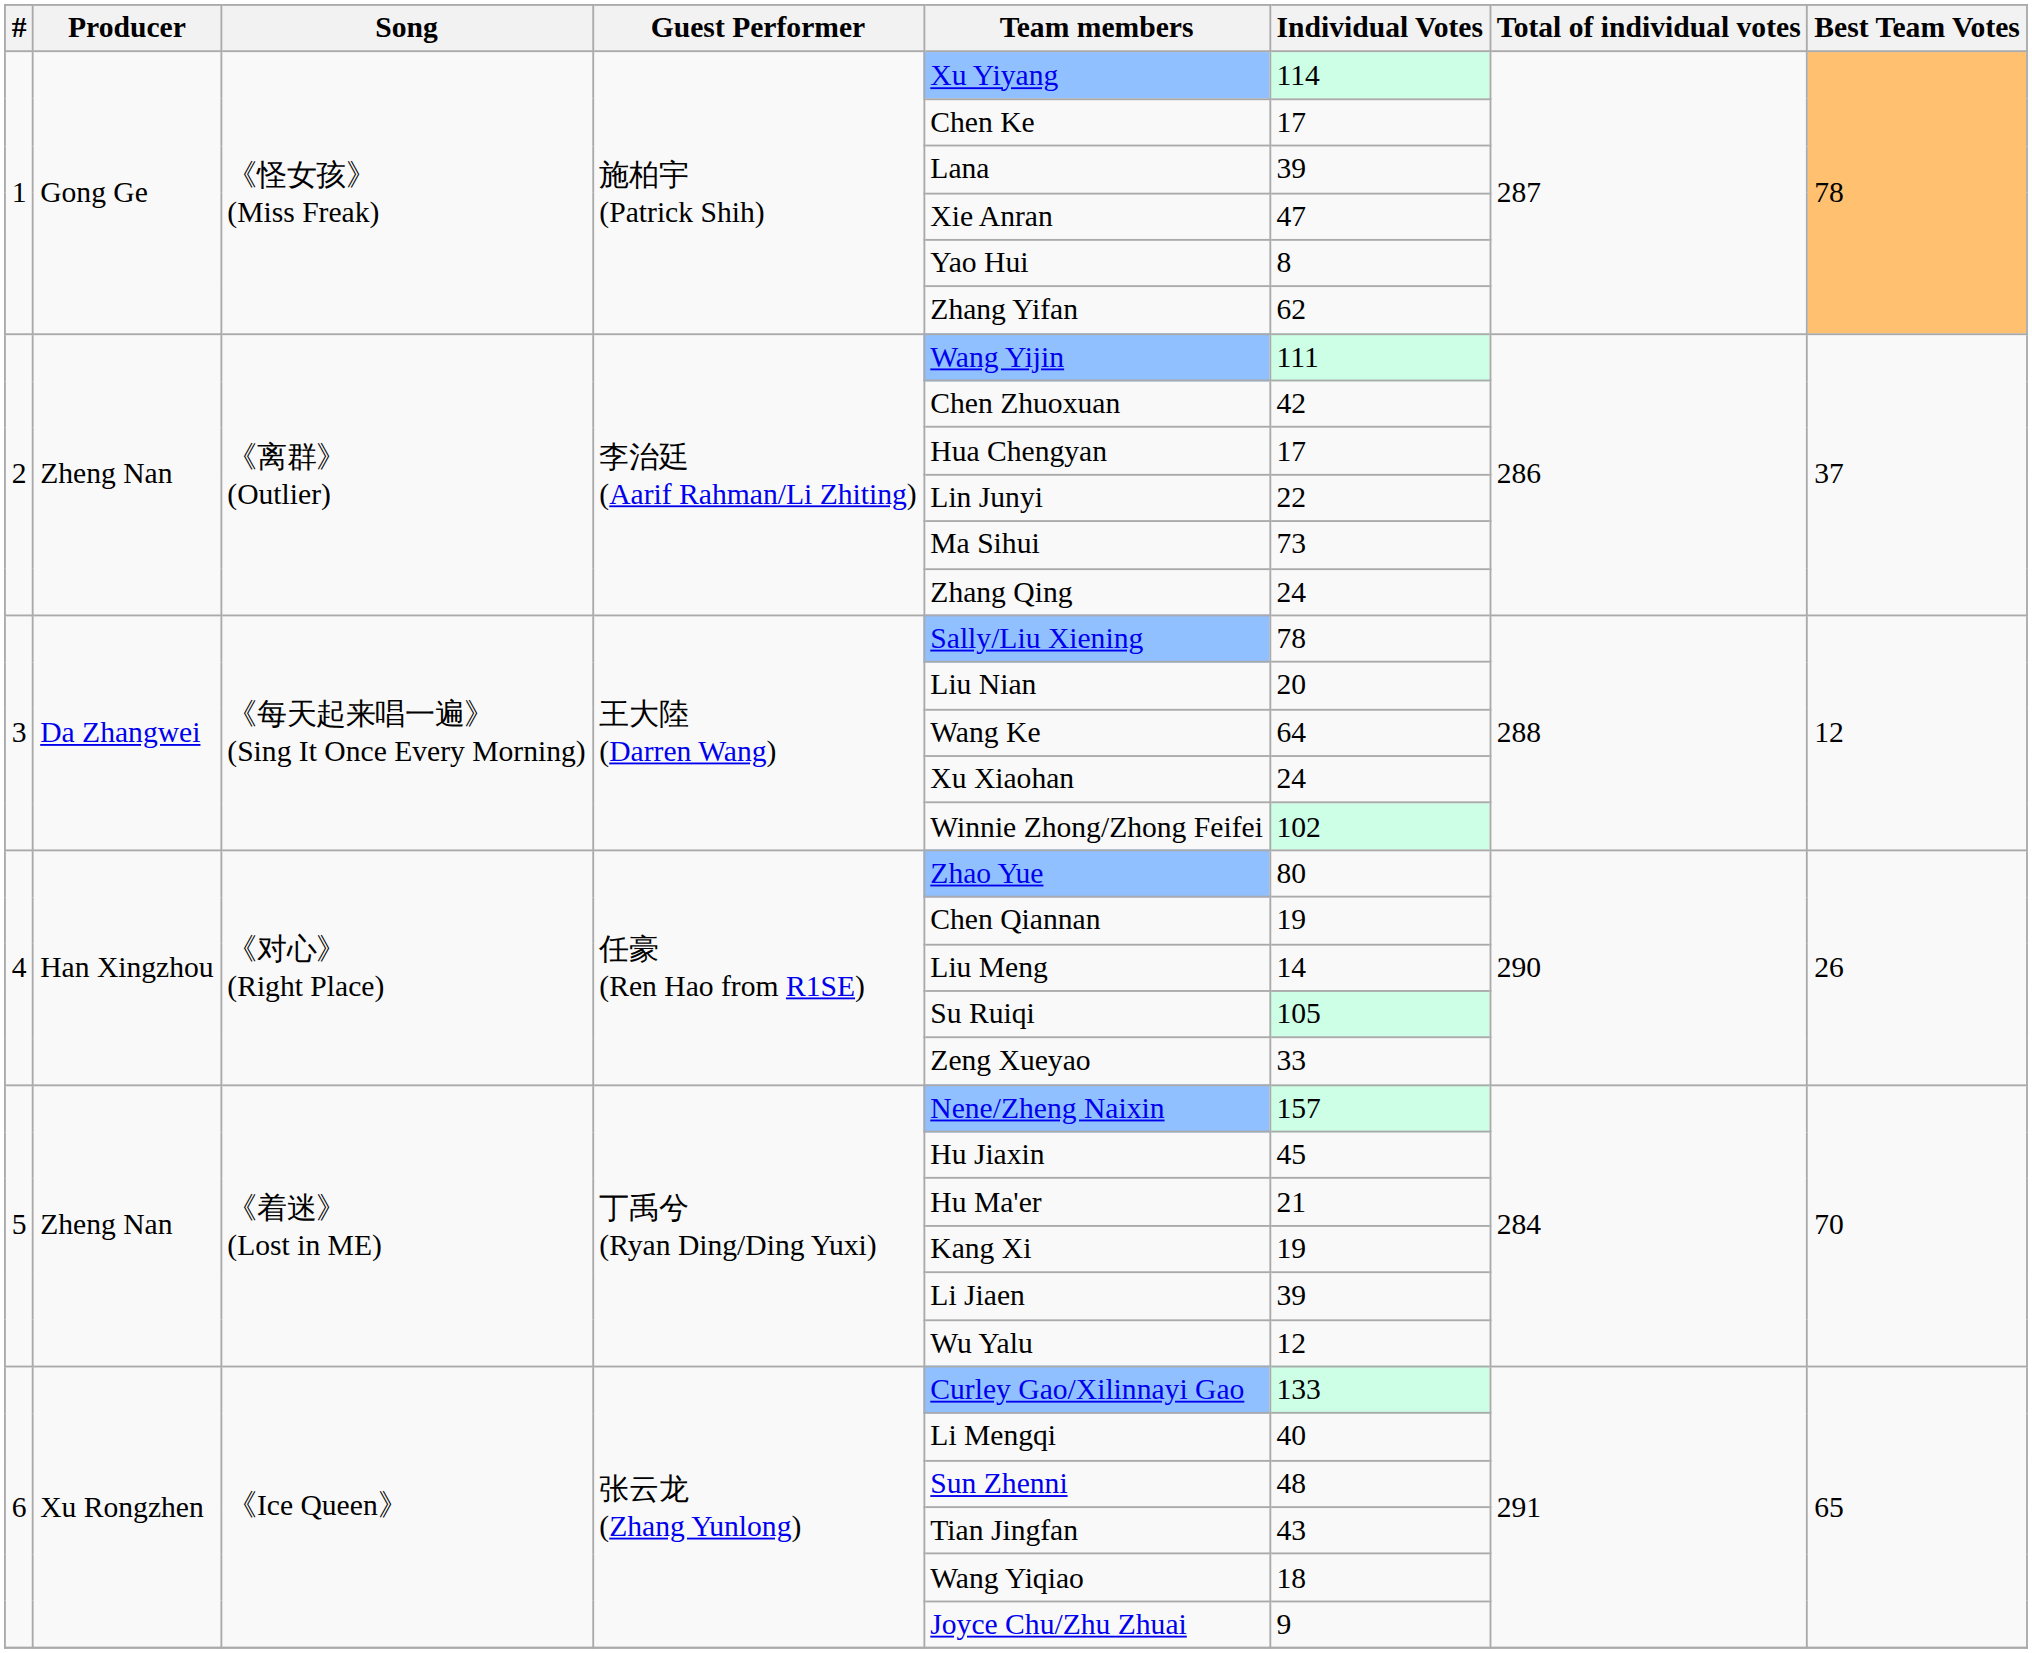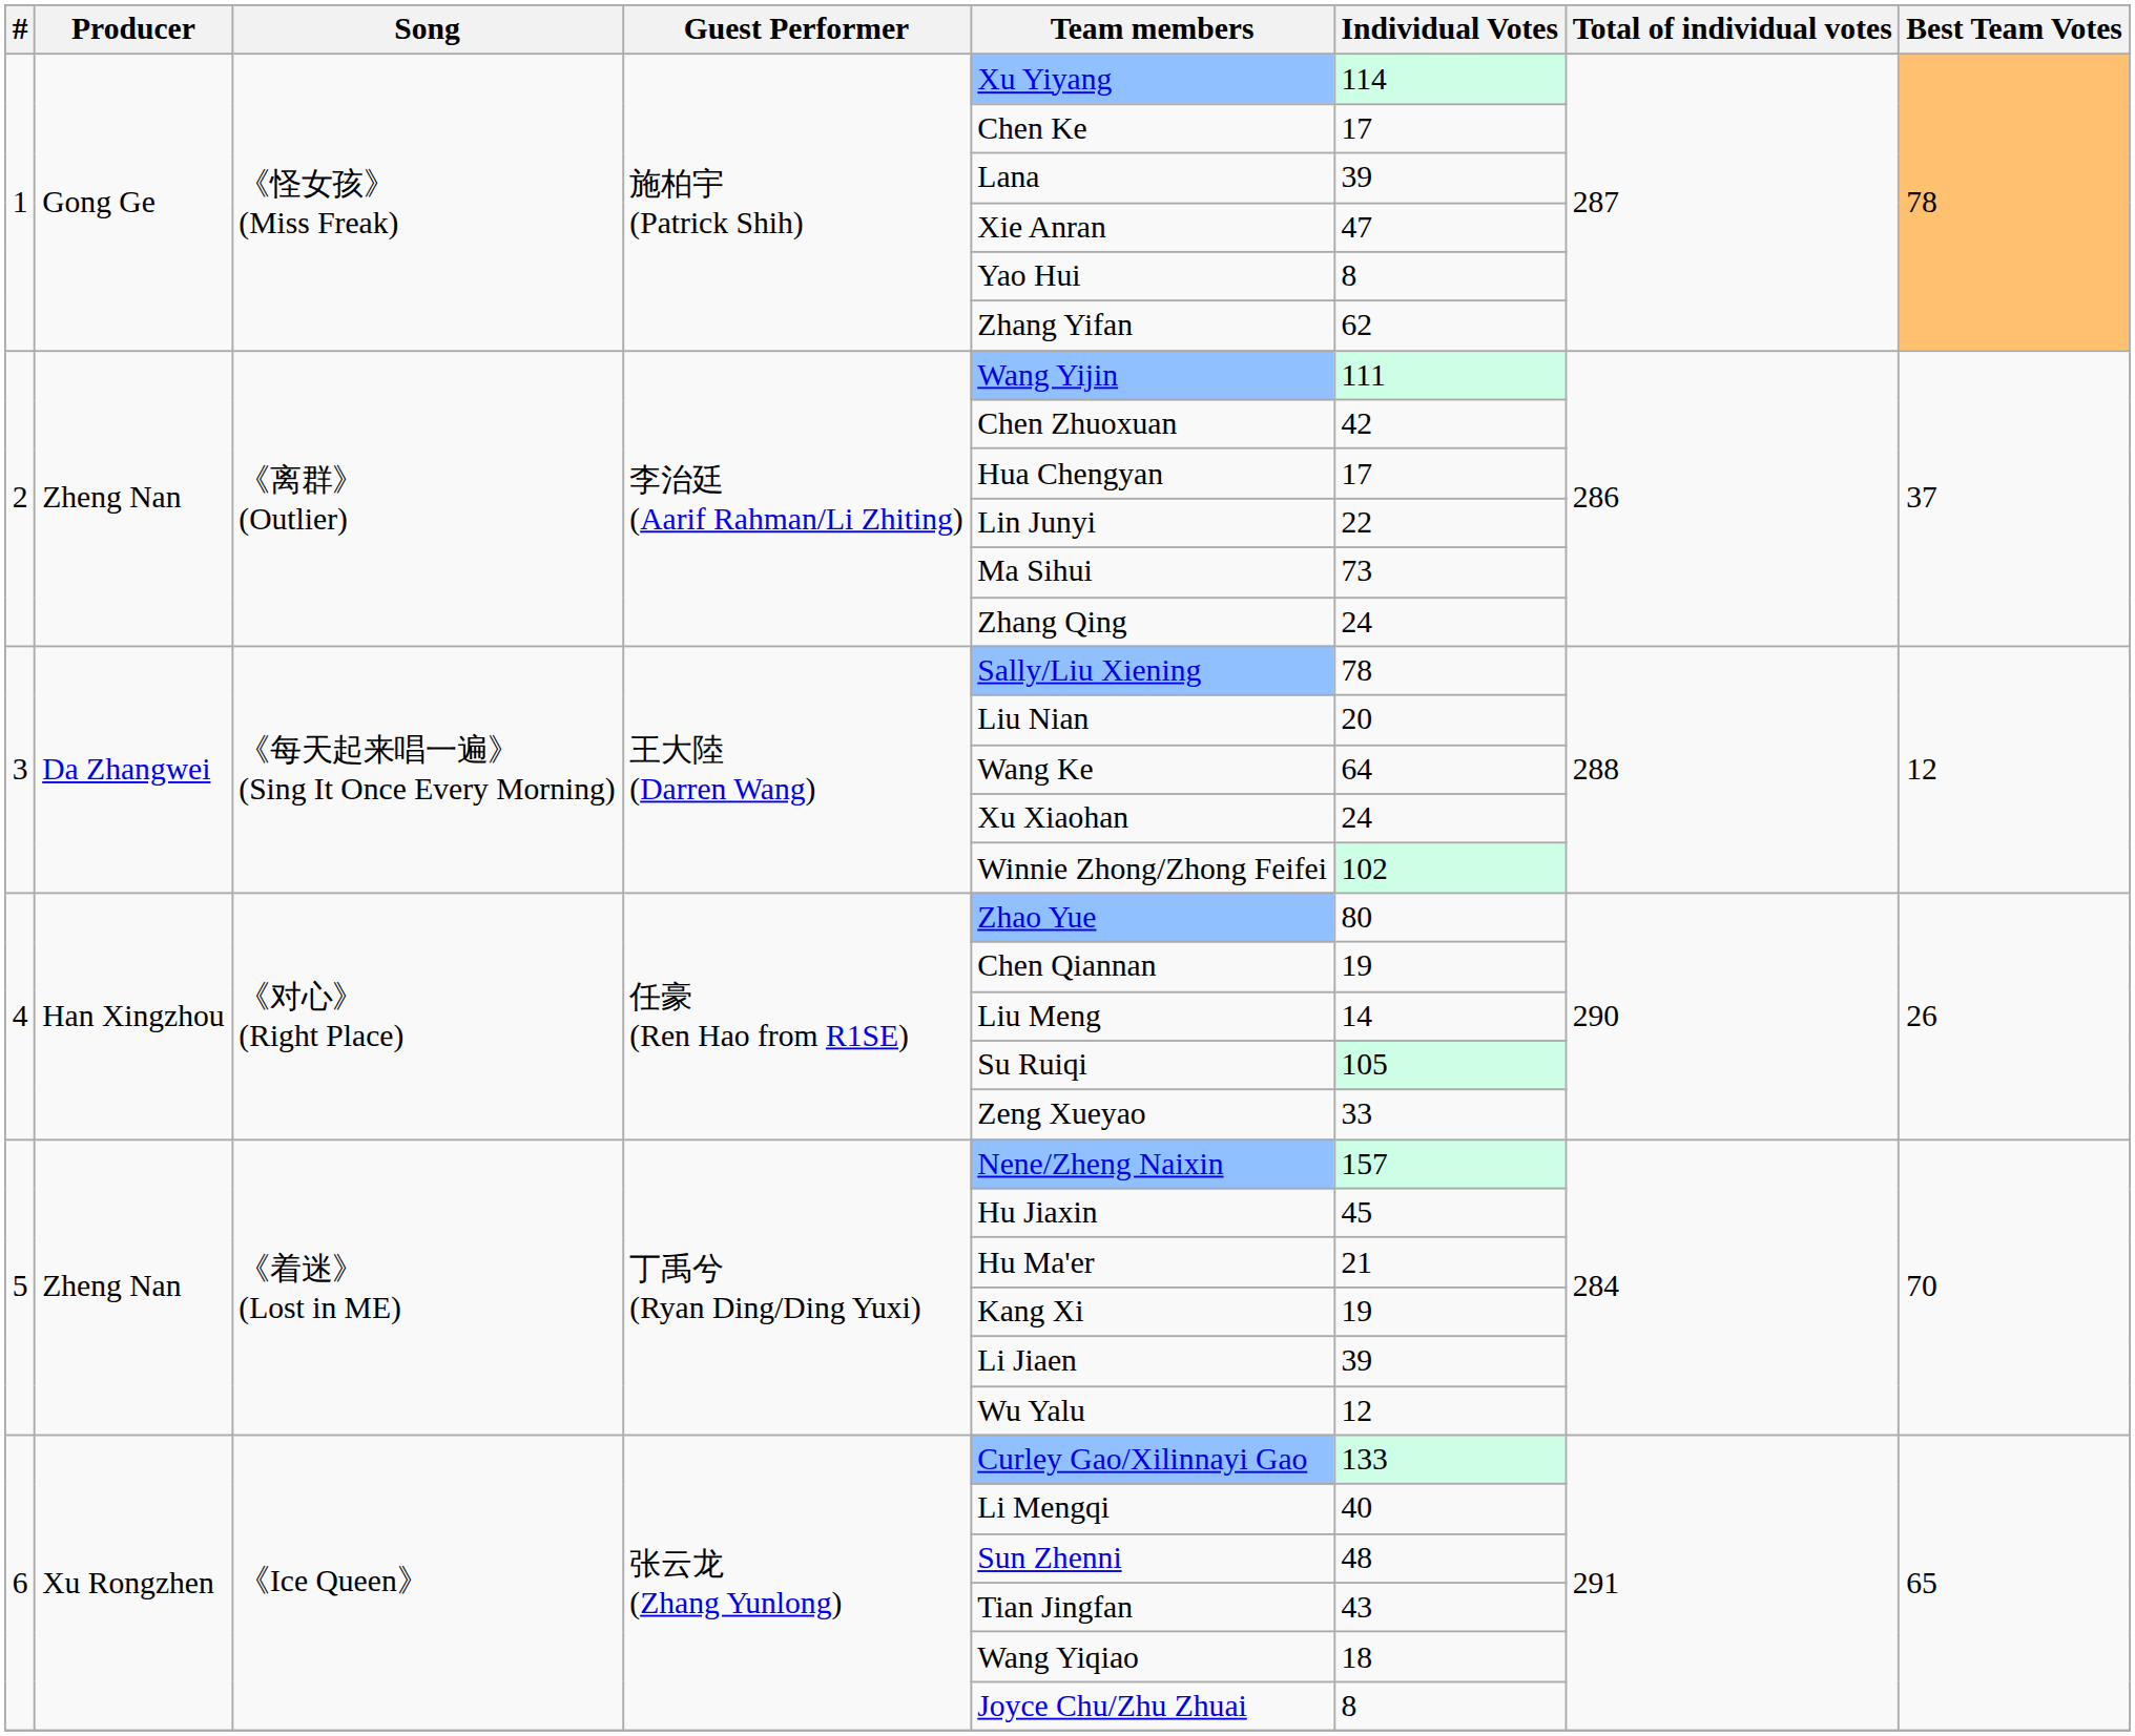 <table class="wikitable sortable">
 <tr>
 <th>#</th>
 <th>Producer</th>
 <th>Song</th>
 <th>Guest Performer</th>
 <th>Team members </th>
 <th>Individual Votes</th>
 <th>Total of individual votes</th>
 <th>Best Team Votes</th>
 </tr>
 <tr>
 <td rowspan="6">1</td>
 <td rowspan="6">Gong Ge</td>
 <td rowspan="6">《怪女孩》<br>(Miss Freak)</td>
 <td rowspan="6">施柏宇<br>(Patrick Shih)</td>
 <td style="background:#90C0FF"><a href='#'>Xu Yiyang</a></td>
 <td style="background:#CCFFE6">114</td>
 <td rowspan="6">287</td>
 <td rowspan="6" style="background:#FFC06F">78</td>
 </tr>
 <tr>
 <td>Chen Ke</td>
 <td>17</td>
 </tr>
 <tr>
 <td>Lana</td>
 <td>39</td>
 </tr>
 <tr>
 <td>Xie Anran</td>
 <td>47</td>
 </tr>
 <tr>
 <td>Yao Hui</td>
 <td>8</td>
 </tr>
 <tr>
 <td>Zhang Yifan</td>
 <td>62</td>
 </tr>
 <tr>
 <td rowspan="6">2</td>
 <td rowspan="6">Zheng Nan</td>
 <td rowspan="6">《离群》<br>(Outlier)</td>
 <td rowspan="6">李治廷<br>(<a href='#'>Aarif Rahman/Li Zhiting</a>)</td>
 <td style="background:#90C0FF"><a href='#'>Wang Yijin</a></td>
 <td style="background:#CCFFE6">111</td>
 <td rowspan="6">286</td>
 <td rowspan="6">37</td>
 </tr>
 <tr>
 <td>Chen Zhuoxuan</td>
 <td>42</td>
 </tr>
 <tr>
 <td>Hua Chengyan</td>
 <td>17</td>
 </tr>
 <tr>
 <td>Lin Junyi</td>
 <td>22</td>
 </tr>
 <tr>
 <td>Ma Sihui</td>
 <td>73</td>
 </tr>
 <tr>
 <td>Zhang Qing</td>
 <td>24</td>
 </tr>
 <tr>
 <td rowspan="5">3</td>
 <td rowspan="5"><a href='#'>Da Zhangwei</a></td>
 <td rowspan="5">《每天起来唱一遍》<br>(Sing It Once Every Morning)</td>
 <td rowspan="5">王大陸<br>(<a href='#'>Darren Wang</a>)</td>
 <td style="background:#90C0FF"><a href='#'>Sally/Liu Xiening</a></td>
 <td>78</td>
 <td rowspan="5">288</td>
 <td rowspan="5">12</td>
 </tr>
 <tr>
 <td>Liu Nian</td>
 <td>20</td>
 </tr>
 <tr>
 <td>Wang Ke</td>
 <td>64</td>
 </tr>
 <tr>
 <td>Xu Xiaohan</td>
 <td>24</td>
 </tr>
 <tr>
 <td>Winnie Zhong/Zhong Feifei</td>
 <td style="background:#CCFFE6">102</td>
 </tr>
 <tr>
 <td rowspan="5">4</td>
 <td rowspan="5">Han Xingzhou</td>
 <td rowspan="5">《对心》<br>(Right Place)</td>
 <td rowspan="5">任豪<br>(Ren Hao from <a href='#'>R1SE</a>)</td>
 <td style="background:#90C0FF"><a href='#'>Zhao Yue</a></td>
 <td>80</td>
 <td rowspan="5">290</td>
 <td rowspan="5">26</td>
 </tr>
 <tr>
 <td>Chen Qiannan</td>
 <td>19</td>
 </tr>
 <tr>
 <td>Liu Meng</td>
 <td>14</td>
 </tr>
 <tr>
 <td>Su Ruiqi</td>
 <td style="background:#CCFFE6">105</td>
 </tr>
 <tr>
 <td>Zeng Xueyao</td>
 <td>33</td>
 </tr>
 <tr>
 <td rowspan="6">5</td>
 <td rowspan="6">Zheng Nan</td>
 <td rowspan="6">《着迷》<br>(Lost in ME)</td>
 <td rowspan="6">丁禹兮<br>(Ryan Ding/Ding Yuxi)</td>
 <td style="background:#90C0FF"><a href='#'>Nene/Zheng Naixin</a></td>
 <td style="background:#CCFFE6">157</td>
 <td rowspan="6">284</td>
 <td rowspan="6">70</td>
 </tr>
 <tr>
 <td>Hu Jiaxin</td>
 <td>45</td>
 </tr>
 <tr>
 <td>Hu Ma'er</td>
 <td>21</td>
 </tr>
 <tr>
 <td>Kang Xi</td>
 <td>19</td>
 </tr>
 <tr>
 <td>Li Jiaen</td>
 <td>39</td>
 </tr>
 <tr>
 <td>Wu Yalu</td>
 <td>12</td>
 </tr>
 <tr>
 <td rowspan="6">6</td>
 <td rowspan="6">Xu Rongzhen</td>
 <td rowspan="6">《Ice Queen》</td>
 <td rowspan="6">张云龙<br>(<a href='#'>Zhang Yunlong</a>)</td>
 <td style="background:#90C0FF"><a href='#'>Curley Gao/Xilinnayi Gao</a></td>
 <td style="background:#CCFFE6">133</td>
 <td rowspan="6">291</td>
 <td rowspan="6">65</td>
 </tr>
 <tr>
 <td>Li Mengqi</td>
 <td>40</td>
 </tr>
 <tr>
 <td><a href='#'>Sun Zhenni</a></td>
 <td>48</td>
 </tr>
 <tr>
 <td>Tian Jingfan</td>
 <td>43</td>
 </tr>
 <tr>
 <td>Wang Yiqiao</td>
 <td>18</td>
 </tr>
 <tr>
 <td><a href='#'>Joyce Chu/Zhu Zhuai</a></td>
-<td>9</td>
+<td>8</td>
 </tr>
 <tr>
 </tr>
 </table>
